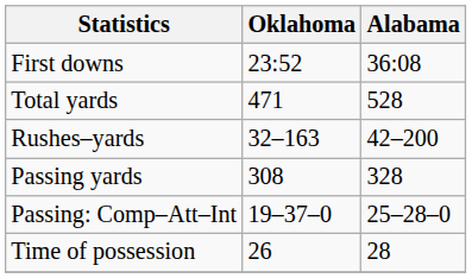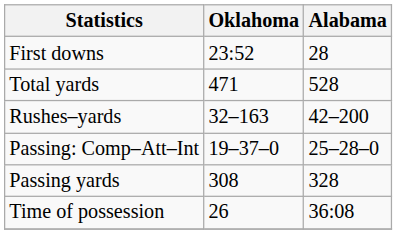 <table class="wikitable" style="float: left;">
 <tr>
 <th>Statistics</th>
 <th>Oklahoma</th>
 <th>Alabama</th>
 </tr>
 <tr>
 <td>First downs</td>
 <td>23:52</td>
-<td>36:08</td>
+<td>28</td>
 </tr>
 <tr>
 <td>Total yards</td>
 <td>471</td>
 <td>528</td>
 </tr>
 <tr>
 <td>Rushes–yards</td>
 <td>32–163</td>
 <td>42–200</td>
 </tr>
 <tr>
+<td>Passing: Comp–Att–Int</td>
+<td>19–37–0</td>
+<td>25–28–0</td>
+</tr>
+<tr>
 <td>Passing yards</td>
 <td>308</td>
 <td>328</td>
 </tr>
 <tr>
-<td>Passing: Comp–Att–Int</td>
-<td>19–37–0</td>
-<td>25–28–0</td>
-</tr>
-<tr>
 <td>Time of possession</td>
 <td>26</td>
-<td>28</td>
+<td>36:08</td>
 </tr>
 <tr>
 </tr>
 </table>
